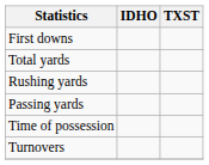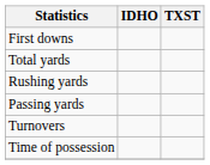 <table class="wikitable" style="float: left;">
 <tr>
 <th>Statistics</th>
 <th>IDHO</th>
 <th>TXST</th>
 </tr>
 <tr>
 <td>First downs</td>
 <td></td>
 <td></td>
 </tr>
 <tr>
 <td>Total yards</td>
 <td></td>
 <td></td>
 </tr>
 <tr>
 <td>Rushing yards</td>
 <td></td>
 <td></td>
 </tr>
 <tr>
 <td>Passing yards</td>
 <td></td>
 <td></td>
 </tr>
 <tr>
-<td>Time of possession</td>
+<td>Turnovers</td>
 <td></td>
 <td></td>
 </tr>
 <tr>
-<td>Turnovers</td>
+<td>Time of possession</td>
 <td></td>
 <td></td>
 </tr>
 <tr>
 </tr>
 </table>
